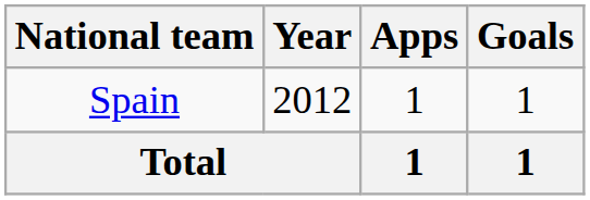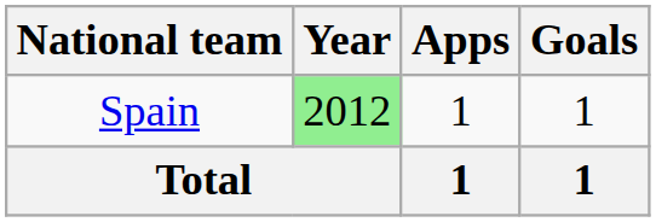 <table class="wikitable" style="text-align:center">
 <tr>
 <th>National team</th>
 <th>Year</th>
 <th>Apps</th>
 <th>Goals</th>
 </tr>
 <tr>
 <td><a href='#'>Spain</a></td>
-<td>2012</td>
+<td style="background: lightgreen;">2012</td>
 <td>1</td>
 <td>1</td>
 </tr>
 <tr>
 <th colspan="2">Total</th>
 <th>1</th>
 <th>1</th>
 </tr>
 </table>
